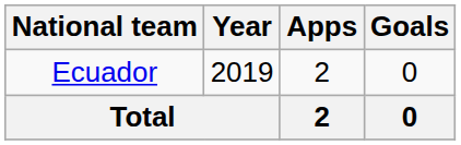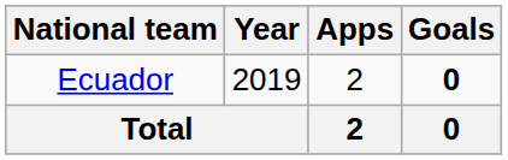 <table class=wikitable style=text-align:center>
 <tr>
 <th>National team</th>
 <th>Year</th>
 <th>Apps</th>
 <th>Goals</th>
 </tr>
 <tr>
 <td rowspan=1><a href='#'>Ecuador</a></td>
 <td>2019</td>
 <td>2</td>
-<td>0</td>
+<td><strong>0</strong></td>
 </tr>
 <tr>
 <th colspan=2>Total</th>
 <th>2</th>
 <th>0</th>
 </tr>
 </table>
